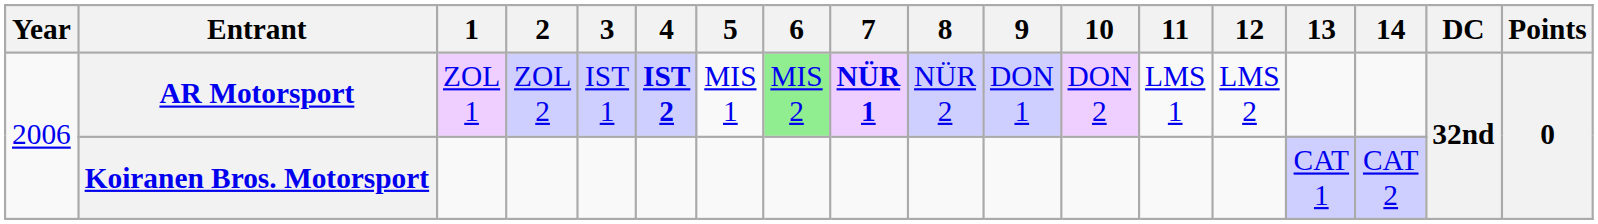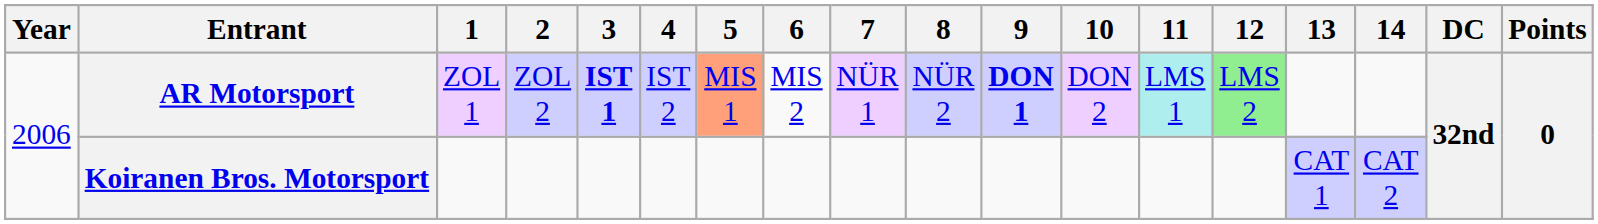 <table class="wikitable" style="text-align:center; font-size:85%">
 <tr>
 <th>Year</th>
 <th>Entrant</th>
 <th>1</th>
 <th>2</th>
 <th>3</th>
 <th>4</th>
 <th>5</th>
 <th>6</th>
 <th>7</th>
 <th>8</th>
 <th>9</th>
 <th>10</th>
 <th>11</th>
 <th>12</th>
 <th>13</th>
 <th>14</th>
 <th>DC</th>
 <th>Points</th>
 </tr>
 <tr>
 <td rowspan="2"><a href='#'>2006</a></td>
 <th nowrap><a href='#'>AR Motorsport</a></th>
 <td style="background:#efcfff;"><a href='#'>ZOL<br>1</a><br></td>
 <td style="background:#cfcfff;"><a href='#'>ZOL<br>2</a><br></td>
-<td style="background:#cfcfff;"><a href='#'>IST<br>1</a><br></td>
-<td style="background:#cfcfff;"><strong><a href='#'>IST<br>2</a><br></strong></td>
-<td><a href='#'>MIS<br>1</a></td>
-<td style="background: lightgreen;"><a href='#'>MIS<br>2</a></td>
-<td style="background:#efcfff;"><strong><a href='#'>NÜR<br>1</a><br></strong></td>
+<td style="background:#cfcfff;"><strong><a href='#'>IST<br>1</a><br></strong></td>
+<td style="background:#cfcfff;"><a href='#'>IST<br>2</a><br></td>
+<td style="background: lightsalmon;"><a href='#'>MIS<br>1</a></td>
+<td><a href='#'>MIS<br>2</a></td>
+<td style="background:#efcfff;"><a href='#'>NÜR<br>1</a><br></td>
 <td style="background:#cfcfff;"><a href='#'>NÜR<br>2</a><br></td>
-<td style="background:#cfcfff;"><a href='#'>DON<br>1</a><br></td>
+<td style="background:#cfcfff;"><strong><a href='#'>DON<br>1</a><br></strong></td>
 <td style="background:#efcfff;"><a href='#'>DON<br>2</a><br></td>
-<td><a href='#'>LMS<br>1</a></td>
-<td><a href='#'>LMS<br>2</a></td>
+<td style="background: paleturquoise;"><a href='#'>LMS<br>1</a></td>
+<td style="background: lightgreen;"><a href='#'>LMS<br>2</a></td>
 <td></td>
 <td></td>
 <th rowspan="2">32nd</th>
 <th rowspan="2">0</th>
 </tr>
 <tr>
 <th nowrap><a href='#'>Koiranen Bros. Motorsport</a></th>
 <td></td>
 <td></td>
 <td></td>
 <td></td>
 <td></td>
 <td></td>
 <td></td>
 <td></td>
 <td></td>
 <td></td>
 <td></td>
 <td></td>
 <td style="background:#cfcfff;"><a href='#'>CAT<br>1</a><br></td>
 <td style="background:#cfcfff;"><a href='#'>CAT<br>2</a><br></td>
 </tr>
 </table>
